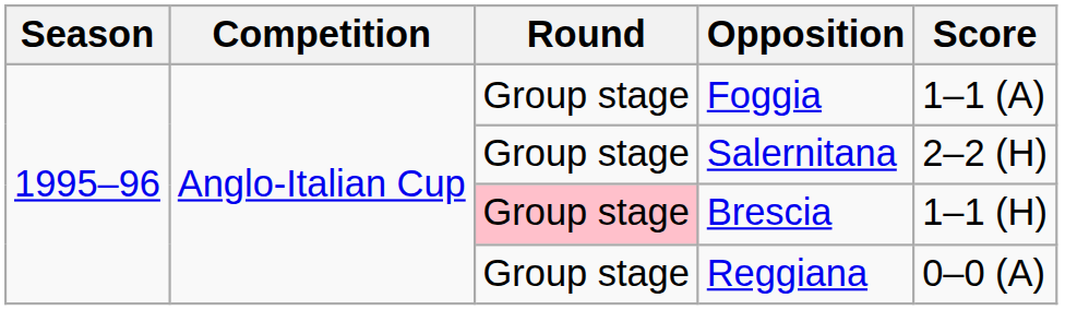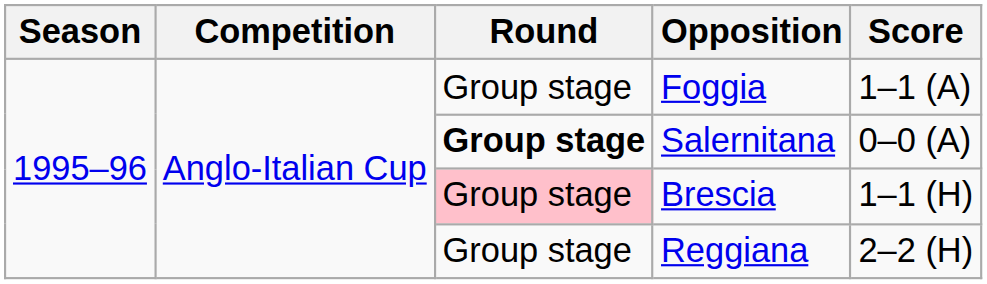 <table class="wikitable">
 <tr>
 <th>Season</th>
 <th>Competition</th>
 <th>Round</th>
 <th>Opposition</th>
 <th>Score</th>
 </tr>
 <tr>
 <td rowspan="4"><a href='#'>1995–96</a></td>
 <td rowspan="4"><a href='#'>Anglo-Italian Cup</a></td>
 <td>Group stage</td>
 <td> <a href='#'>Foggia</a></td>
 <td>1–1 (A)</td>
 </tr>
 <tr>
-<td>Group stage</td>
+<td><strong>Group stage</strong></td>
 <td> <a href='#'>Salernitana</a></td>
-<td>2–2 (H)</td>
+<td>0–0 (A)</td>
 </tr>
 <tr>
 <td style="background: pink;">Group stage</td>
 <td> <a href='#'>Brescia</a></td>
 <td>1–1 (H)</td>
 </tr>
 <tr>
 <td>Group stage</td>
 <td> <a href='#'>Reggiana</a></td>
-<td>0–0 (A)</td>
+<td>2–2 (H)</td>
 </tr>
 </table>
